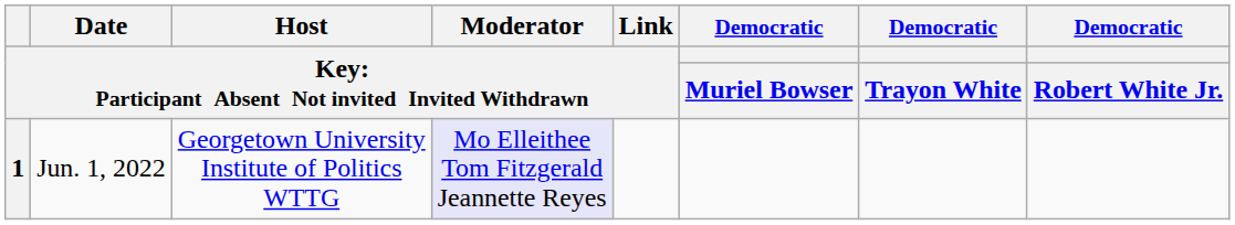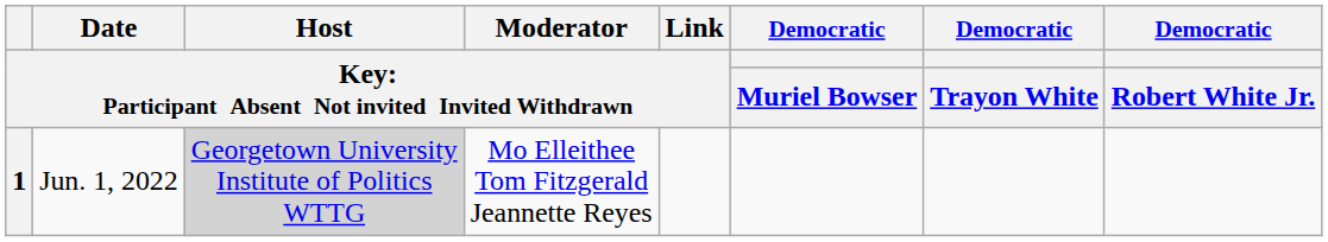 <table class="wikitable" style="text-align:center;">
 <tr>
 <th scope="col"></th>
 <th scope="col">Date</th>
 <th scope="col">Host</th>
 <th scope="col">Moderator</th>
 <th scope="col">Link</th>
 <th scope="col"><small><a href='#'>Democratic</a></small></th>
 <th scope="col"><small><a href='#'>Democratic</a></small></th>
 <th scope="col"><small><a href='#'>Democratic</a></small></th>
 </tr>
 <tr>
 <th colspan="5" rowspan="2">Key:<br> <small>Participant </small>  <small>Absent </small>  <small>Not invited </small>  <small>Invited  Withdrawn</small></th>
 <th scope="col" style="background:"></th>
 <th scope="col" style="background:"></th>
 <th scope="col" style="background:"></th>
 </tr>
 <tr>
 <th scope="col"><a href='#'>Muriel Bowser</a></th>
 <th scope="col"><a href='#'>Trayon White</a></th>
 <th scope="col"><a href='#'>Robert White Jr.</a></th>
 </tr>
 <tr>
 <th>1</th>
 <td style="white-space:nowrap;">Jun. 1, 2022</td>
-<td style="white-space:nowrap;"><a href='#'>Georgetown University</a><br><a href='#'>Institute of Politics</a><br><a href='#'>WTTG</a></td>
-<td style="background: lavender; white-space:nowrap;"><a href='#'>Mo Elleithee</a><br><a href='#'>Tom Fitzgerald</a><br>Jeannette Reyes</td>
+<td style="background: lightgrey; white-space:nowrap;"><a href='#'>Georgetown University</a><br><a href='#'>Institute of Politics</a><br><a href='#'>WTTG</a></td>
+<td style="white-space:nowrap;"><a href='#'>Mo Elleithee</a><br><a href='#'>Tom Fitzgerald</a><br>Jeannette Reyes</td>
 <td style="white-space:nowrap;"></td>
 <td></td>
 <td></td>
 <td></td>
 </tr>
 </table>
